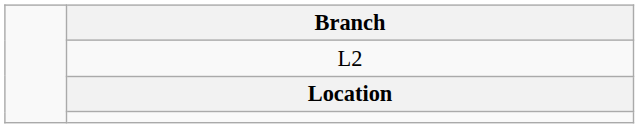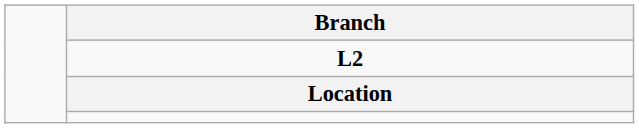 <table class="wikitable" style="text-align: center; width: 450px; float:right;">
 <tr>
 <td rowspan="6"></td>
 <th>Branch</th>
 </tr>
 <tr>
-<td>L2</td>
+<td><strong>L2</strong></td>
 </tr>
 <tr>
 <th>Location</th>
 </tr>
 <tr>
 <td></td>
 </tr>
 </table>
